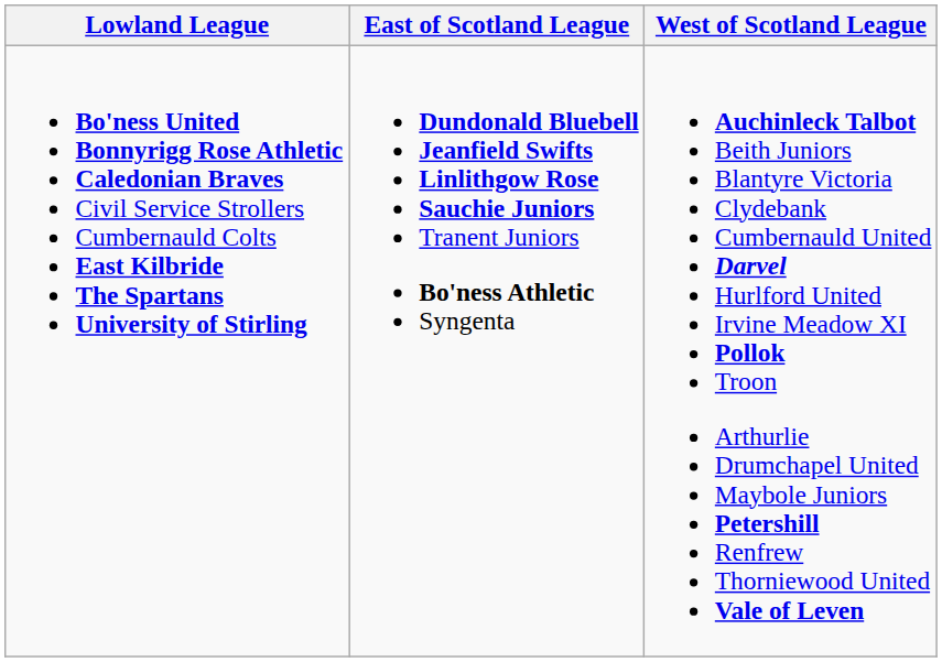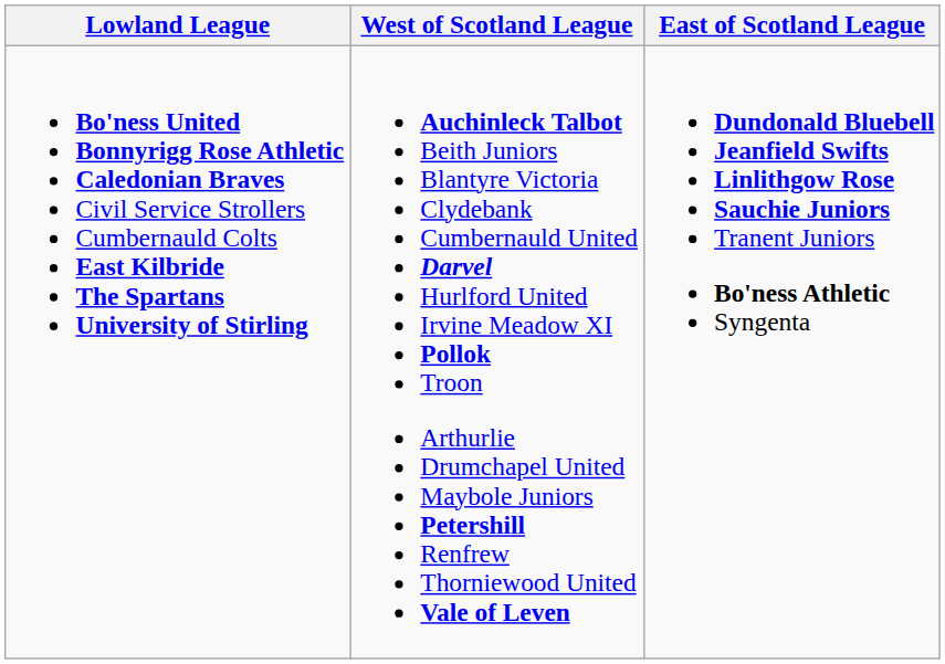 <table class="wikitable" style="text-align:left">
 <tr>
 <th><a href='#'>Lowland League</a></th>
+<th><a href='#'>West of Scotland League</a></th>
 <th><a href='#'>East of Scotland League</a></th>
-<th><a href='#'>West of Scotland League</a></th>
 </tr>
 <tr>
 <td valign=top><br><ul><li><strong><a href='#'>Bo'ness United</a></strong></li><li><strong><a href='#'>Bonnyrigg Rose Athletic</a></strong></li><li><strong><a href='#'>Caledonian Braves</a></strong></li><li><a href='#'>Civil Service Strollers</a></li><li><a href='#'>Cumbernauld Colts</a></li><li><strong><a href='#'>East Kilbride</a></strong></li><li><strong><a href='#'>The Spartans</a></strong></li><li><strong><a href='#'>University of Stirling</a></strong></li></ul></td>
+<td valign=top><br><ul><li><strong><a href='#'>Auchinleck Talbot</a></strong></li><li><a href='#'>Beith Juniors</a></li><li><a href='#'>Blantyre Victoria</a></li><li><a href='#'>Clydebank</a></li><li><a href='#'>Cumbernauld United</a></li><li><strong><em><a href='#'>Darvel</a></em></strong></li><li><a href='#'>Hurlford United</a></li><li><a href='#'>Irvine Meadow XI</a></li><li><strong><a href='#'>Pollok</a></strong></li><li><a href='#'>Troon</a></li></ul><ul><li><a href='#'>Arthurlie</a></li><li><a href='#'>Drumchapel United</a></li><li><a href='#'>Maybole Juniors</a></li><li><strong><a href='#'>Petershill</a></strong></li><li><a href='#'>Renfrew</a></li><li><a href='#'>Thorniewood United</a></li><li><strong><a href='#'>Vale of Leven</a></strong></li></ul></td>
 <td valign=top><br><ul><li><strong><a href='#'>Dundonald Bluebell</a></strong></li><li><strong><a href='#'>Jeanfield Swifts</a></strong></li><li><strong><a href='#'>Linlithgow Rose</a></strong></li><li><strong><a href='#'>Sauchie Juniors</a></strong></li><li><a href='#'>Tranent Juniors</a></li></ul><ul><li><strong>Bo'ness Athletic</strong></li><li>Syngenta</li></ul></td>
-<td valign=top><br><ul><li><strong><a href='#'>Auchinleck Talbot</a></strong></li><li><a href='#'>Beith Juniors</a></li><li><a href='#'>Blantyre Victoria</a></li><li><a href='#'>Clydebank</a></li><li><a href='#'>Cumbernauld United</a></li><li><strong><em><a href='#'>Darvel</a></em></strong></li><li><a href='#'>Hurlford United</a></li><li><a href='#'>Irvine Meadow XI</a></li><li><strong><a href='#'>Pollok</a></strong></li><li><a href='#'>Troon</a></li></ul><ul><li><a href='#'>Arthurlie</a></li><li><a href='#'>Drumchapel United</a></li><li><a href='#'>Maybole Juniors</a></li><li><strong><a href='#'>Petershill</a></strong></li><li><a href='#'>Renfrew</a></li><li><a href='#'>Thorniewood United</a></li><li><strong><a href='#'>Vale of Leven</a></strong></li></ul></td>
 </tr>
 </table>
